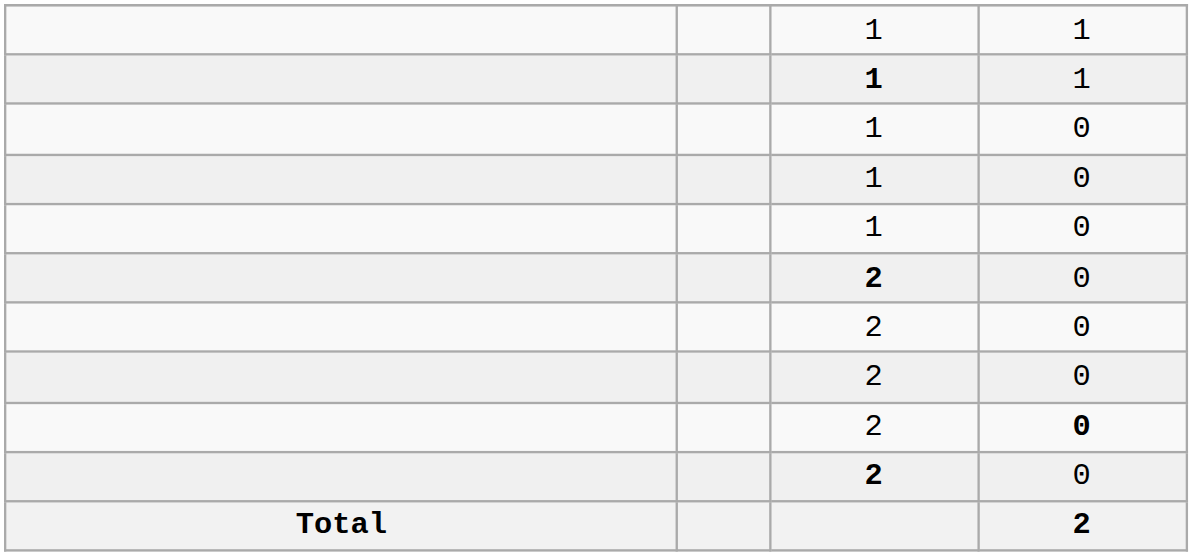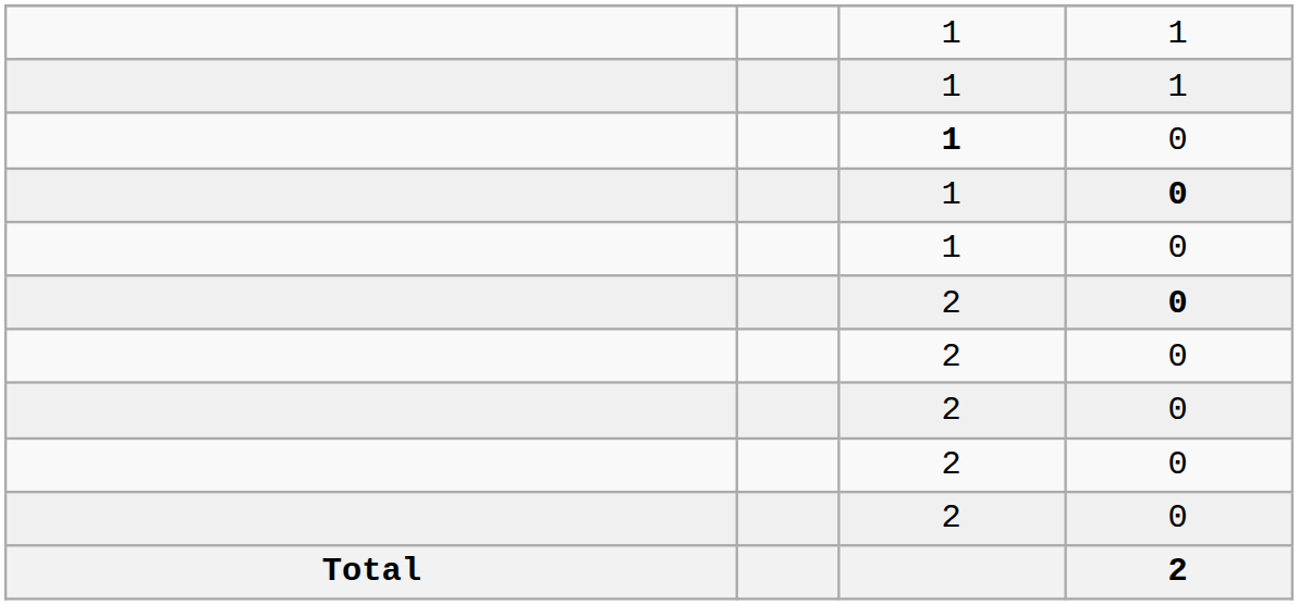 <table class="wikitable sortable" width ="40%">
 <tr align="center">
 </tr>
 <tr align="center" bgcolor="">
 <td></td>
 <td></td>
 <td>1</td>
 <td>1</td>
 </tr>
 <tr align="center" bgcolor="f0f0f0">
 <td></td>
 <td></td>
+<td>1</td>
+<td>1</td>
+</tr>
+<tr align="center" bgcolor="">
+<td></td>
+<td></td>
 <td><strong>1</strong></td>
+<td>0</td>
+</tr>
+<tr align="center" bgcolor="f0f0f0">
+<td></td>
+<td></td>
 <td>1</td>
+<td><strong>0</strong></td>
 </tr>
 <tr align="center" bgcolor="">
 <td></td>
 <td></td>
 <td>1</td>
 <td>0</td>
 </tr>
 <tr align="center" bgcolor="f0f0f0">
 <td></td>
 <td></td>
-<td>1</td>
-<td>0</td>
-</tr>
-<tr align="center" bgcolor="">
-<td></td>
-<td></td>
-<td>1</td>
-<td>0</td>
-</tr>
-<tr align="center" bgcolor="f0f0f0">
-<td></td>
-<td></td>
-<td><strong>2</strong></td>
-<td>0</td>
+<td>2</td>
+<td><strong>0</strong></td>
 </tr>
 <tr align="center" bgcolor="">
 <td></td>
 <td></td>
 <td>2</td>
 <td>0</td>
 </tr>
 <tr align="center" bgcolor="f0f0f0">
 <td></td>
 <td></td>
 <td>2</td>
 <td>0</td>
 </tr>
 <tr align="center" bgcolor="">
 <td></td>
 <td></td>
 <td>2</td>
-<td><strong>0</strong></td>
+<td>0</td>
 </tr>
 <tr align="center" bgcolor="f0f0f0">
 <td></td>
 <td></td>
-<td><strong>2</strong></td>
+<td>2</td>
 <td>0</td>
 </tr>
 <tr>
 <th>Total</th>
 <th></th>
 <th></th>
 <th>2</th>
 </tr>
 </table>
